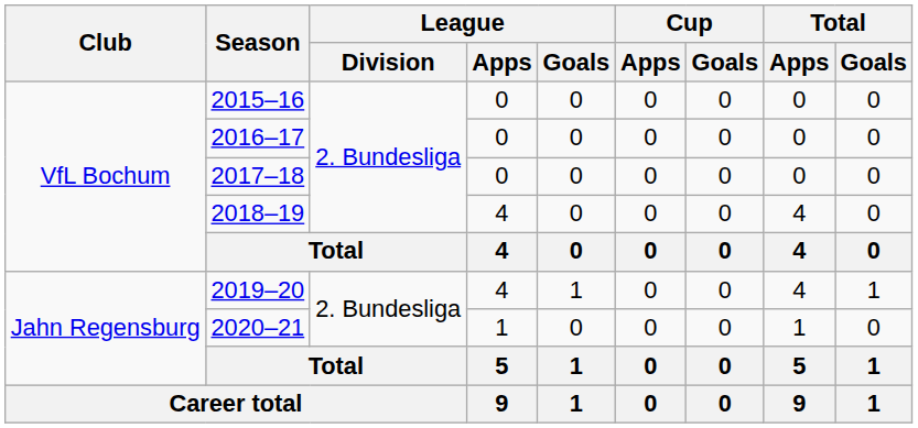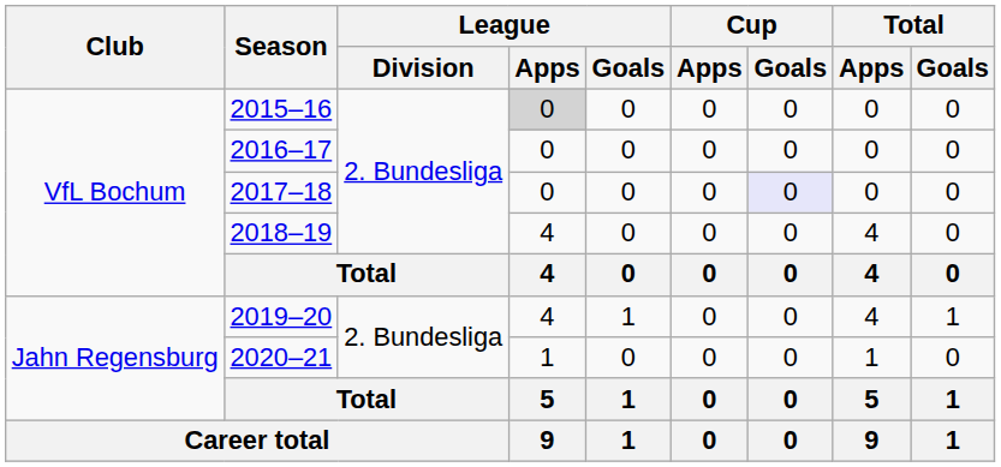 <table class="wikitable" style="text-align: center">
 <tr>
 <th rowspan="2">Club</th>
 <th rowspan="2">Season</th>
 <th colspan="3">League</th>
 <th colspan="2">Cup</th>
 <th colspan="2">Total</th>
 </tr>
 <tr>
 <th>Division</th>
 <th>Apps</th>
 <th>Goals</th>
 <th>Apps</th>
 <th>Goals</th>
 <th>Apps</th>
 <th>Goals</th>
 </tr>
 <tr>
 <td rowspan="5"><a href='#'>VfL Bochum</a></td>
 <td><a href='#'>2015–16</a></td>
 <td rowspan="4"><a href='#'>2. Bundesliga</a></td>
-<td>0</td>
+<td style="background: lightgrey;">0</td>
 <td>0</td>
 <td>0</td>
 <td>0</td>
 <td>0</td>
 <td>0</td>
 </tr>
 <tr>
 <td><a href='#'>2016–17</a></td>
 <td>0</td>
 <td>0</td>
 <td>0</td>
 <td>0</td>
 <td>0</td>
 <td>0</td>
 </tr>
 <tr>
 <td><a href='#'>2017–18</a></td>
 <td>0</td>
 <td>0</td>
 <td>0</td>
-<td>0</td>
+<td style="background: lavender;">0</td>
 <td>0</td>
 <td>0</td>
 </tr>
 <tr>
 <td><a href='#'>2018–19</a></td>
 <td>4</td>
 <td>0</td>
 <td>0</td>
 <td>0</td>
 <td>4</td>
 <td>0</td>
 </tr>
 <tr>
 <th colspan="2">Total</th>
 <th>4</th>
 <th>0</th>
 <th>0</th>
 <th>0</th>
 <th>4</th>
 <th>0</th>
 </tr>
 <tr>
 <td rowspan="3"><a href='#'>Jahn Regensburg</a></td>
 <td><a href='#'>2019–20</a></td>
 <td rowspan="2">2. Bundesliga</td>
 <td>4</td>
 <td>1</td>
 <td>0</td>
 <td>0</td>
 <td>4</td>
 <td>1</td>
 </tr>
 <tr>
 <td><a href='#'>2020–21</a></td>
 <td>1</td>
 <td>0</td>
 <td>0</td>
 <td>0</td>
 <td>1</td>
 <td>0</td>
 </tr>
 <tr>
 <th colspan="2">Total</th>
 <th>5</th>
 <th>1</th>
 <th>0</th>
 <th>0</th>
 <th>5</th>
 <th>1</th>
 </tr>
 <tr>
 <th colspan="3">Career total</th>
 <th>9</th>
 <th>1</th>
 <th>0</th>
 <th>0</th>
 <th>9</th>
 <th>1</th>
 </tr>
 </table>
